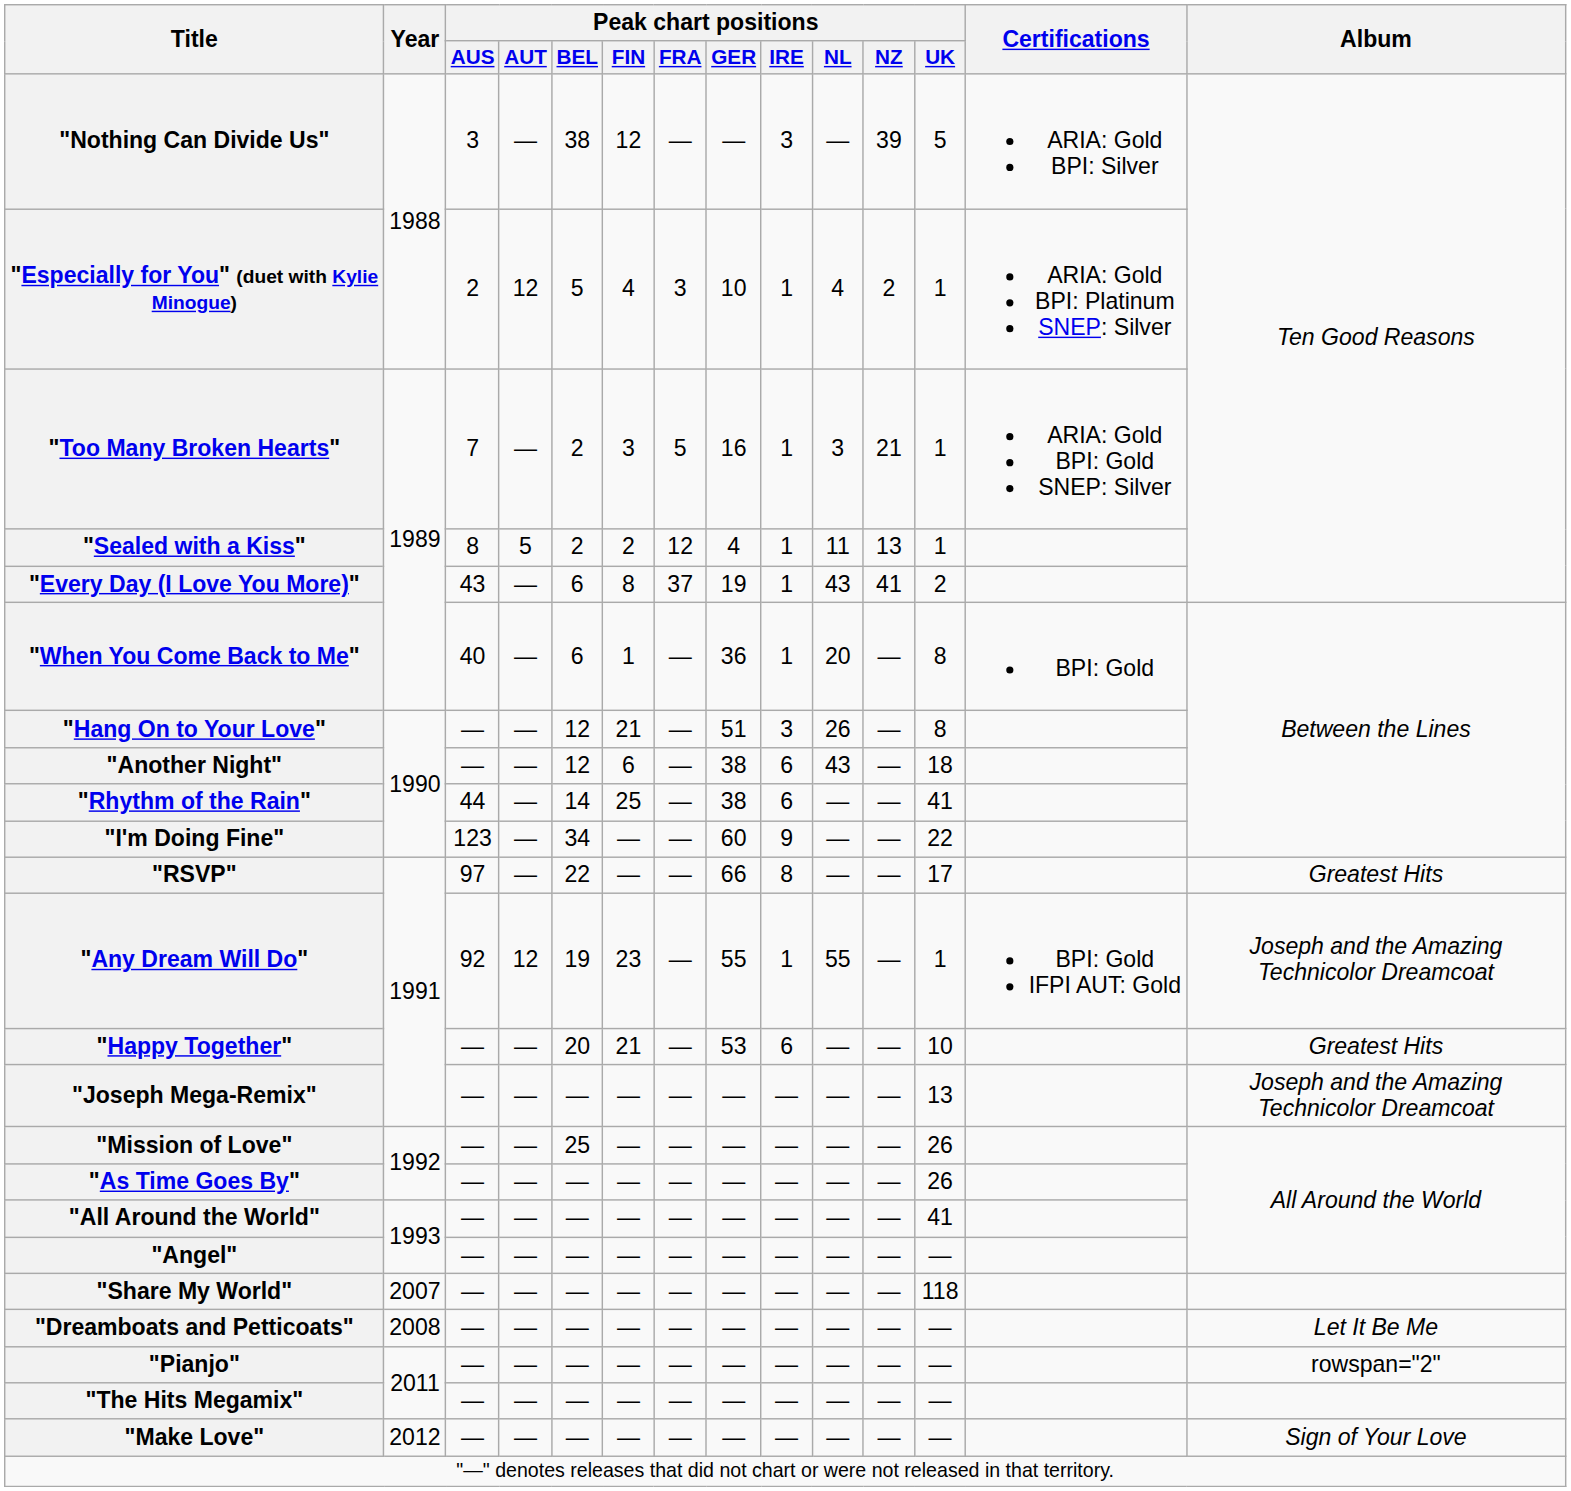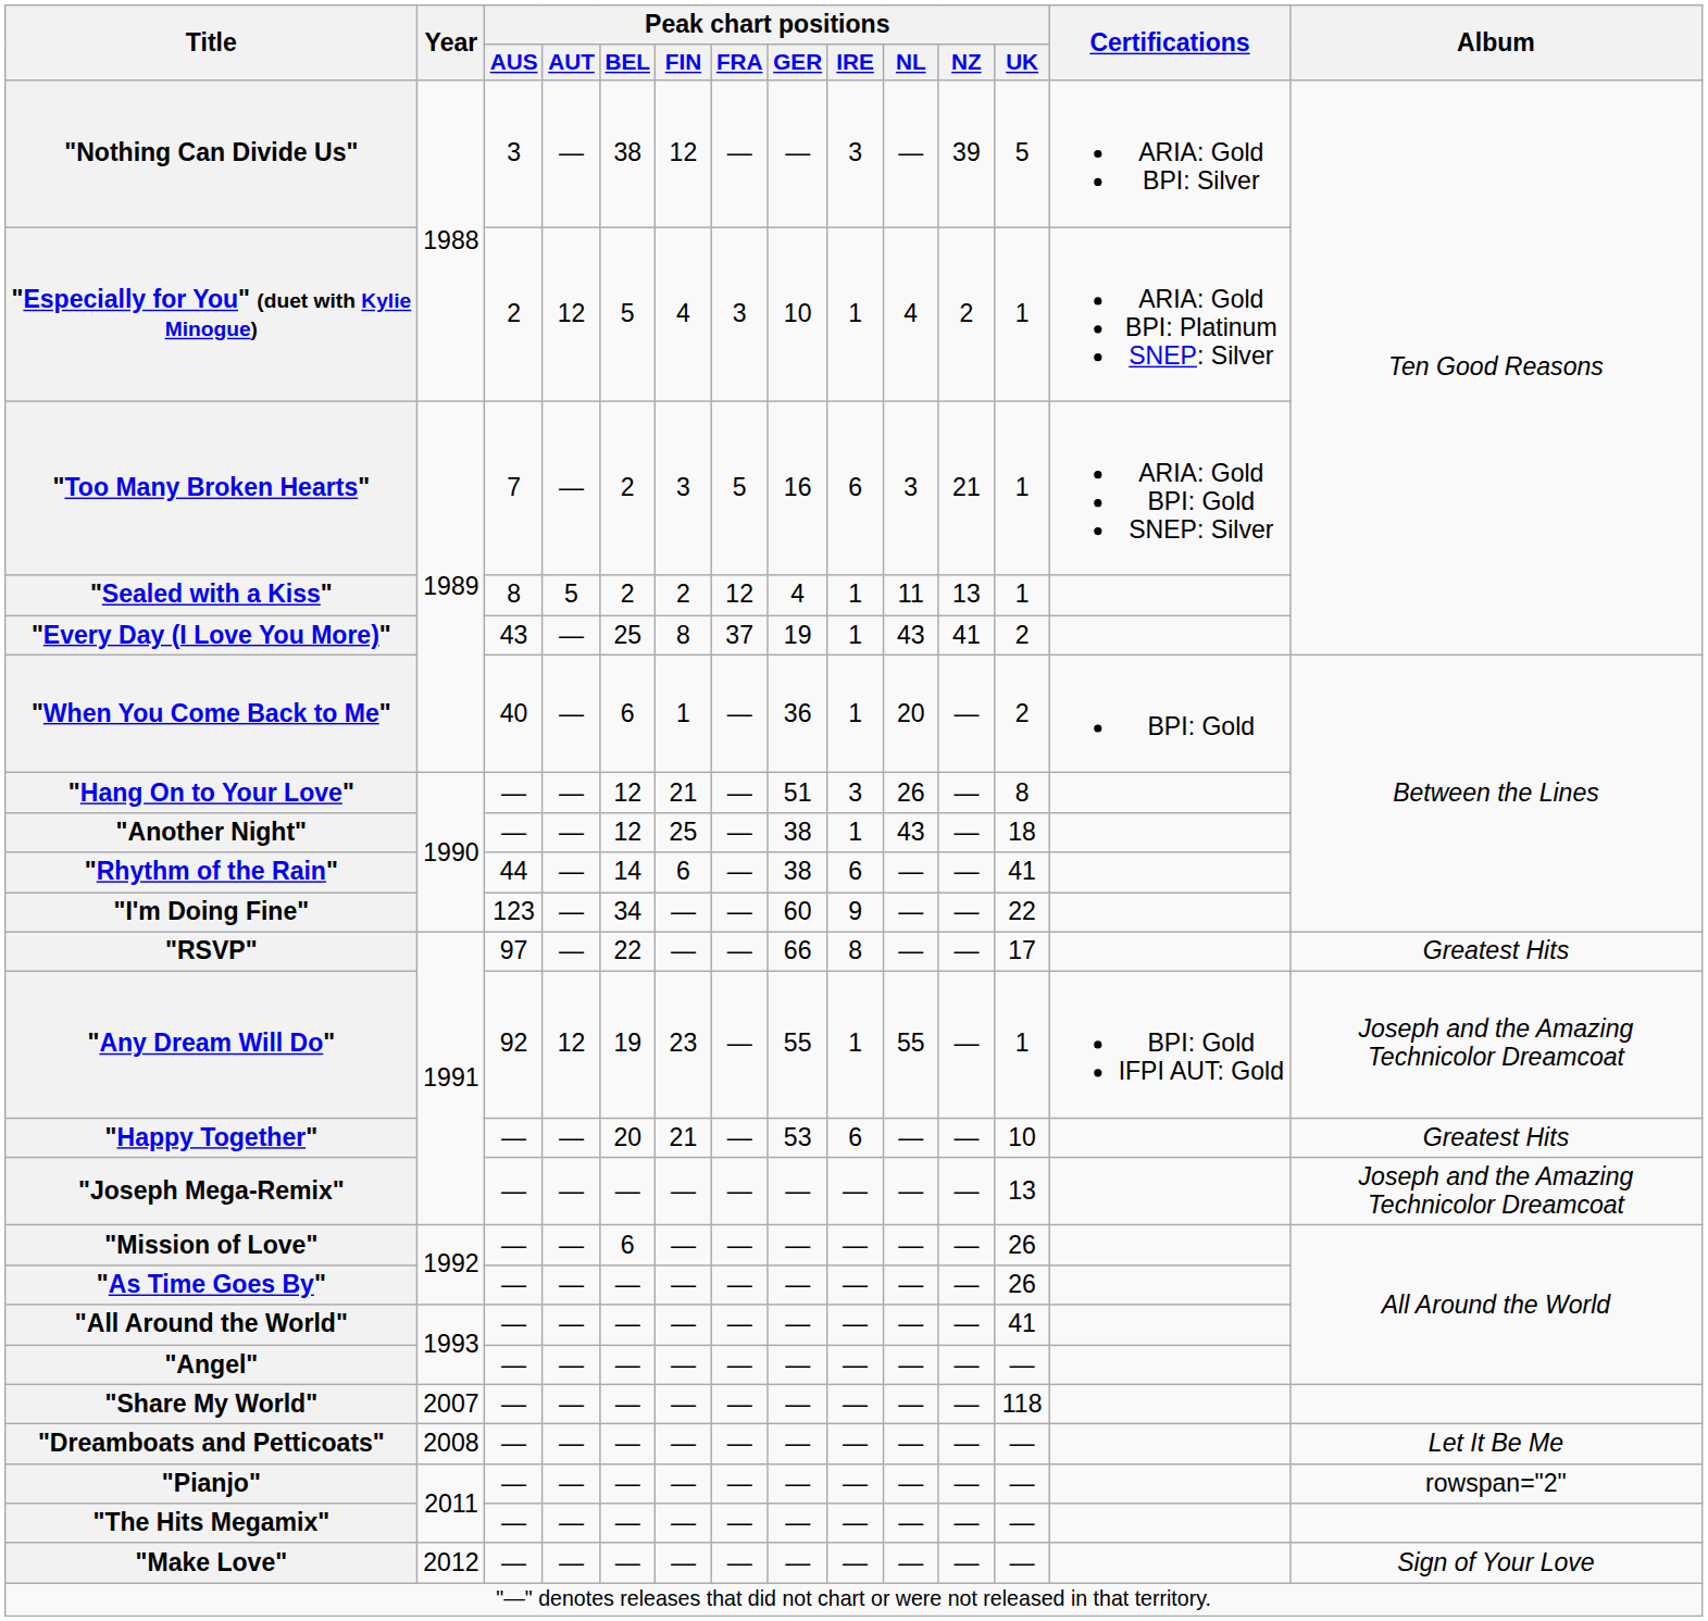 <table class="wikitable plainrowheaders" style="text-align:center;">
 <tr>
 <th scope="col" rowspan="2" style="width:16em;">Title</th>
 <th scope="col" rowspan="2">Year</th>
 <th scope="col" colspan="10">Peak chart positions</th>
 <th scope="col" rowspan="2"><a href='#'>Certifications</a></th>
 <th scope="col" rowspan="2" style="width:16em;">Album</th>
 </tr>
 <tr>
 <th style="width:2em;font-size:90%"><a href='#'>AUS</a><br></th>
 <th style="width:2em;font-size:90%"><a href='#'>AUT</a><br></th>
 <th style="width:2em;font-size:90%"><a href='#'>BEL</a><br></th>
 <th style="width:2em;font-size:90%"><a href='#'>FIN</a><br></th>
 <th style="width:2em;font-size:90%"><a href='#'>FRA</a><br></th>
 <th style="width:2em;font-size:90%"><a href='#'>GER</a><br></th>
 <th style="width:2em;font-size:90%"><a href='#'>IRE</a><br></th>
 <th style="width:2em;font-size:90%"><a href='#'>NL</a><br></th>
 <th style="width:2em;font-size:90%"><a href='#'>NZ</a><br></th>
 <th style="width:2em;font-size:90%"><a href='#'>UK</a><br></th>
 </tr>
 <tr>
 <th scope="row">"Nothing Can Divide Us"</th>
 <td rowspan="2">1988</td>
 <td>3</td>
 <td>—</td>
 <td>38</td>
 <td>12</td>
 <td>—</td>
 <td>—</td>
 <td>3</td>
 <td>—</td>
 <td>39</td>
 <td>5</td>
 <td><br><ul><li>ARIA: Gold</li><li>BPI: Silver</li></ul></td>
 <td rowspan="5"><em>Ten Good Reasons</em></td>
 </tr>
 <tr>
 <th scope="row">"<a href='#'>Especially for You</a>" <small>(duet with <a href='#'>Kylie Minogue</a>)</small></th>
 <td>2</td>
 <td>12</td>
 <td>5</td>
 <td>4</td>
 <td>3</td>
 <td>10</td>
 <td>1</td>
 <td>4</td>
 <td>2</td>
 <td>1</td>
 <td><br><ul><li>ARIA: Gold</li><li>BPI: Platinum</li><li><a href='#'>SNEP</a>: Silver</li></ul></td>
 </tr>
 <tr>
 <th scope="row">"<a href='#'>Too Many Broken Hearts</a>"</th>
 <td rowspan="4">1989</td>
 <td>7</td>
 <td>—</td>
 <td>2</td>
 <td>3</td>
 <td>5</td>
 <td>16</td>
-<td>1</td>
+<td>6</td>
 <td>3</td>
 <td>21</td>
 <td>1</td>
 <td><br><ul><li>ARIA: Gold</li><li>BPI: Gold</li><li>SNEP: Silver</li></ul></td>
 </tr>
 <tr>
 <th scope="row">"<a href='#'>Sealed with a Kiss</a>"</th>
 <td>8</td>
 <td>5</td>
 <td>2</td>
 <td>2</td>
 <td>12</td>
 <td>4</td>
 <td>1</td>
 <td>11</td>
 <td>13</td>
 <td>1</td>
 <td></td>
 </tr>
 <tr>
 <th scope="row">"<a href='#'>Every Day (I Love You More)</a>"</th>
 <td>43</td>
 <td>—</td>
-<td>6</td>
+<td>25</td>
 <td>8</td>
 <td>37</td>
 <td>19</td>
 <td>1</td>
 <td>43</td>
 <td>41</td>
 <td>2</td>
 <td></td>
 </tr>
 <tr>
 <th scope="row">"<a href='#'>When You Come Back to Me</a>"</th>
 <td>40</td>
 <td>—</td>
 <td>6</td>
 <td>1</td>
 <td>—</td>
 <td>36</td>
 <td>1</td>
 <td>20</td>
 <td>—</td>
-<td>8</td>
+<td>2</td>
 <td><br><ul><li>BPI: Gold</li></ul></td>
 <td rowspan="5"><em>Between the Lines</em></td>
 </tr>
 <tr>
 <th scope="row">"<a href='#'>Hang On to Your Love</a>"</th>
 <td rowspan="4">1990</td>
 <td>—</td>
 <td>—</td>
 <td>12</td>
 <td>21</td>
 <td>—</td>
 <td>51</td>
 <td>3</td>
 <td>26</td>
 <td>—</td>
 <td>8</td>
 <td></td>
 </tr>
 <tr>
 <th scope="row">"Another Night"</th>
 <td>—</td>
 <td>—</td>
 <td>12</td>
-<td>6</td>
+<td>25</td>
 <td>—</td>
 <td>38</td>
-<td>6</td>
+<td>1</td>
 <td>43</td>
 <td>—</td>
 <td>18</td>
 <td></td>
 </tr>
 <tr>
 <th scope="row">"<a href='#'>Rhythm of the Rain</a>"</th>
 <td>44</td>
 <td>—</td>
 <td>14</td>
-<td>25</td>
+<td>6</td>
 <td>—</td>
 <td>38</td>
 <td>6</td>
 <td>—</td>
 <td>—</td>
 <td>41</td>
 <td></td>
 </tr>
 <tr>
 <th scope="row">"I'm Doing Fine"</th>
 <td>123</td>
 <td>—</td>
 <td>34</td>
 <td>—</td>
 <td>—</td>
 <td>60</td>
 <td>9</td>
 <td>—</td>
 <td>—</td>
 <td>22</td>
 <td></td>
 </tr>
 <tr>
 <th scope="row">"RSVP"</th>
 <td rowspan="4">1991</td>
 <td>97</td>
 <td>—</td>
 <td>22</td>
 <td>—</td>
 <td>—</td>
 <td>66</td>
 <td>8</td>
 <td>—</td>
 <td>—</td>
 <td>17</td>
 <td></td>
 <td><em>Greatest Hits</em></td>
 </tr>
 <tr>
 <th scope="row">"<a href='#'>Any Dream Will Do</a>"</th>
 <td>92</td>
 <td>12</td>
 <td>19</td>
 <td>23</td>
 <td>—</td>
 <td>55</td>
 <td>1</td>
 <td>55</td>
 <td>—</td>
 <td>1</td>
 <td><br><ul><li>BPI: Gold</li><li>IFPI AUT: Gold</li></ul></td>
 <td><em>Joseph and the Amazing Technicolor Dreamcoat</em></td>
 </tr>
 <tr>
 <th scope="row">"<a href='#'>Happy Together</a>"</th>
 <td>—</td>
 <td>—</td>
 <td>20</td>
 <td>21</td>
 <td>—</td>
 <td>53</td>
 <td>6</td>
 <td>—</td>
 <td>—</td>
 <td>10</td>
 <td></td>
 <td><em>Greatest Hits</em></td>
 </tr>
 <tr>
 <th scope="row">"Joseph Mega-Remix"</th>
 <td>—</td>
 <td>—</td>
 <td>—</td>
 <td>—</td>
 <td>—</td>
 <td>—</td>
 <td>—</td>
 <td>—</td>
 <td>—</td>
 <td>13</td>
 <td></td>
 <td><em>Joseph and the Amazing Technicolor Dreamcoat</em></td>
 </tr>
 <tr>
 <th scope="row">"Mission of Love"</th>
 <td rowspan="2">1992</td>
 <td>—</td>
 <td>—</td>
-<td>25</td>
+<td>6</td>
 <td>—</td>
 <td>—</td>
 <td>—</td>
 <td>—</td>
 <td>—</td>
 <td>—</td>
 <td>26</td>
 <td></td>
 <td rowspan="4"><em>All Around the World</em></td>
 </tr>
 <tr>
 <th scope="row">"<a href='#'>As Time Goes By</a>"</th>
 <td>—</td>
 <td>—</td>
 <td>—</td>
 <td>—</td>
 <td>—</td>
 <td>—</td>
 <td>—</td>
 <td>—</td>
 <td>—</td>
 <td>26</td>
 <td></td>
 </tr>
 <tr>
 <th scope="row">"All Around the World"</th>
 <td rowspan="2">1993</td>
 <td>—</td>
 <td>—</td>
 <td>—</td>
 <td>—</td>
 <td>—</td>
 <td>—</td>
 <td>—</td>
 <td>—</td>
 <td>—</td>
 <td>41</td>
 <td></td>
 </tr>
 <tr>
 <th scope="row">"Angel"</th>
 <td>—</td>
 <td>—</td>
 <td>—</td>
 <td>—</td>
 <td>—</td>
 <td>—</td>
 <td>—</td>
 <td>—</td>
 <td>—</td>
 <td>—</td>
 <td></td>
 </tr>
 <tr>
 <th scope="row">"Share My World"</th>
 <td>2007</td>
 <td>—</td>
 <td>—</td>
 <td>—</td>
 <td>—</td>
 <td>—</td>
 <td>—</td>
 <td>—</td>
 <td>—</td>
 <td>—</td>
 <td>118</td>
 <td></td>
 <td></td>
 </tr>
 <tr>
 <th scope="row">"Dreamboats and Petticoats"</th>
 <td>2008</td>
 <td>—</td>
 <td>—</td>
 <td>—</td>
 <td>—</td>
 <td>—</td>
 <td>—</td>
 <td>—</td>
 <td>—</td>
 <td>—</td>
 <td>—</td>
 <td></td>
 <td><em>Let It Be Me</em></td>
 </tr>
 <tr>
 <th scope="row">"Pianjo"</th>
 <td rowspan="2">2011</td>
 <td>—</td>
 <td>—</td>
 <td>—</td>
 <td>—</td>
 <td>—</td>
 <td>—</td>
 <td>—</td>
 <td>—</td>
 <td>—</td>
 <td>—</td>
 <td></td>
 <td>rowspan="2" </td>
 </tr>
 <tr>
 <th scope="row">"The Hits Megamix"</th>
 <td>—</td>
 <td>—</td>
 <td>—</td>
 <td>—</td>
 <td>—</td>
 <td>—</td>
 <td>—</td>
 <td>—</td>
 <td>—</td>
 <td>—</td>
 <td></td>
 </tr>
 <tr>
 <th scope="row">"Make Love"</th>
 <td>2012</td>
 <td>—</td>
 <td>—</td>
 <td>—<br></td>
 <td>—</td>
 <td>—</td>
 <td>—</td>
 <td>—</td>
 <td>—</td>
 <td>—</td>
 <td>—</td>
 <td></td>
 <td><em>Sign of Your Love</em></td>
 </tr>
 <tr>
 <td colspan="14" style="font-size:85%">"—" denotes releases that did not chart or were not released in that territory.</td>
 </tr>
 </table>
